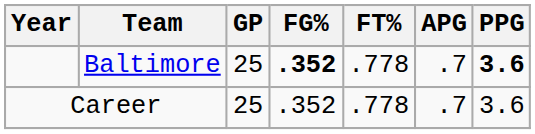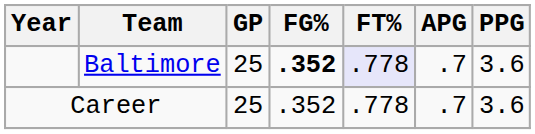 <table class="wikitable sortable" style="font-size:95%; text-align:right;">
 <tr>
 <th>Year</th>
 <th>Team</th>
 <th>GP</th>
 <th>FG%</th>
 <th>FT%</th>
 <th>APG</th>
 <th>PPG</th>
 </tr>
 <tr>
 <td style="text-align:left;"></td>
 <td style="text-align:left;"><a href='#'>Baltimore</a></td>
 <td>25</td>
 <td><strong>.352</strong></td>
-<td>.778</td>
+<td style="background: lavender;">.778</td>
 <td>.7</td>
-<td><strong>3.6</strong></td>
+<td>3.6</td>
 </tr>
 <tr>
 <td style="text-align:center;" colspan="2">Career</td>
 <td>25</td>
 <td>.352</td>
 <td>.778</td>
 <td>.7</td>
 <td>3.6</td>
 </tr>
 <tr>
 </tr>
 </table>
